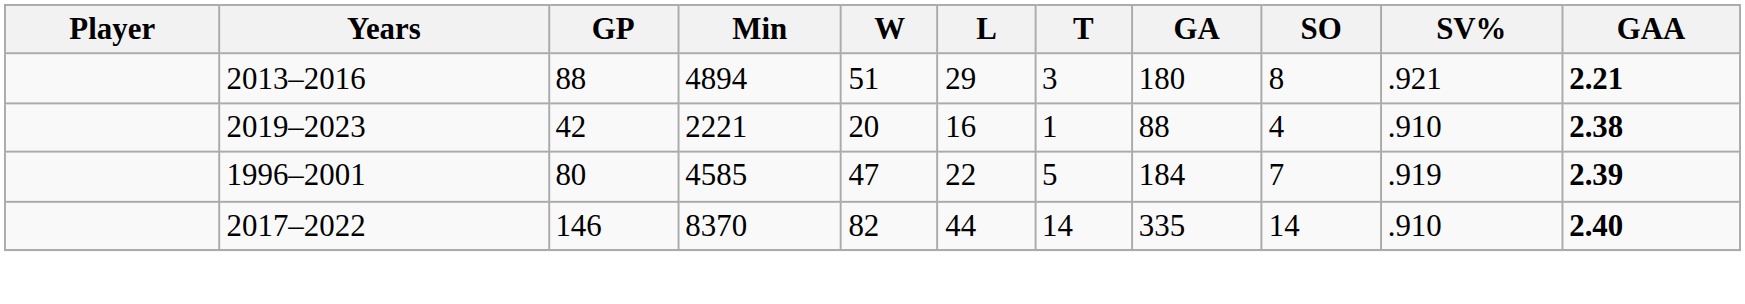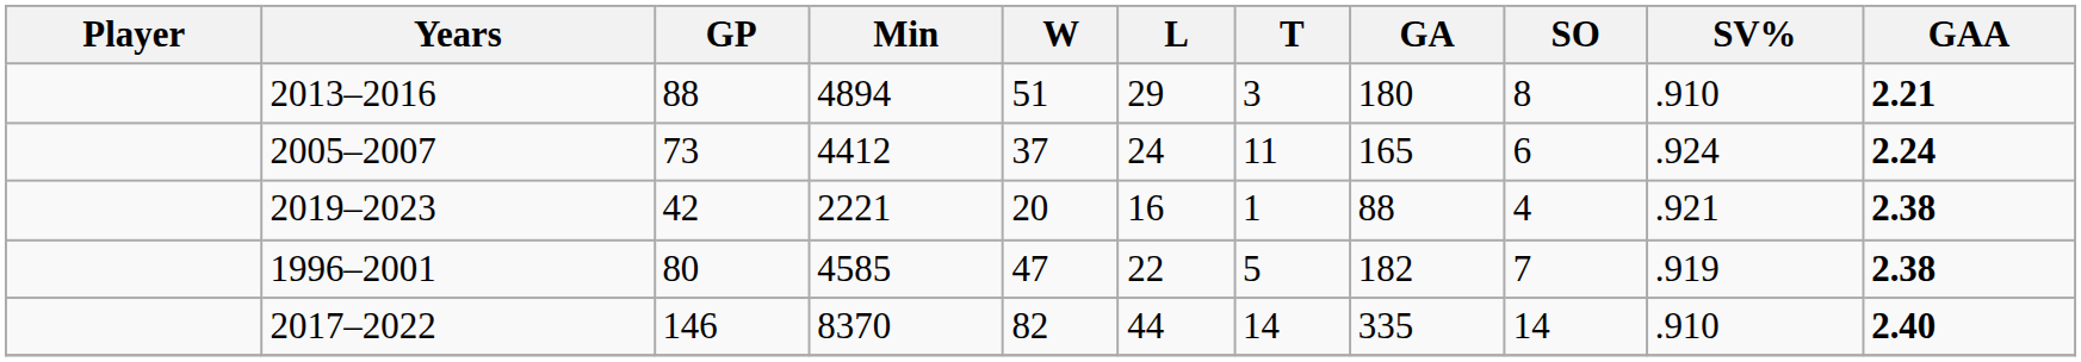 <table class="wikitable sortable" width = 900>
 <tr>
 <th>Player</th>
 <th>Years</th>
 <th>GP</th>
 <th>Min</th>
 <th>W</th>
 <th>L</th>
 <th>T</th>
 <th>GA</th>
 <th>SO</th>
 <th>SV%</th>
 <th>GAA</th>
 </tr>
 <tr>
 <td></td>
 <td>2013–2016</td>
 <td>88</td>
 <td>4894</td>
 <td>51</td>
 <td>29</td>
 <td>3</td>
 <td>180</td>
 <td>8</td>
-<td>.921</td>
+<td>.910</td>
 <td><strong>2.21</strong></td>
+</tr>
+<tr>
+<td></td>
+<td>2005–2007</td>
+<td>73</td>
+<td>4412</td>
+<td>37</td>
+<td>24</td>
+<td>11</td>
+<td>165</td>
+<td>6</td>
+<td>.924</td>
+<td><strong>2.24</strong></td>
 </tr>
 <tr>
 <td></td>
 <td>2019–2023</td>
 <td>42</td>
 <td>2221</td>
 <td>20</td>
 <td>16</td>
 <td>1</td>
 <td>88</td>
 <td>4</td>
-<td>.910</td>
+<td>.921</td>
 <td><strong>2.38</strong></td>
 </tr>
 <tr>
 <td></td>
 <td>1996–2001</td>
 <td>80</td>
 <td>4585</td>
 <td>47</td>
 <td>22</td>
 <td>5</td>
-<td>184</td>
+<td>182</td>
 <td>7</td>
 <td>.919</td>
-<td><strong>2.39</strong></td>
+<td><strong>2.38</strong></td>
 </tr>
 <tr>
 <td></td>
 <td>2017–2022</td>
 <td>146</td>
 <td>8370</td>
 <td>82</td>
 <td>44</td>
 <td>14</td>
 <td>335</td>
 <td>14</td>
 <td>.910</td>
 <td><strong>2.40</strong></td>
 </tr>
 <tr>
 </tr>
 </table>
